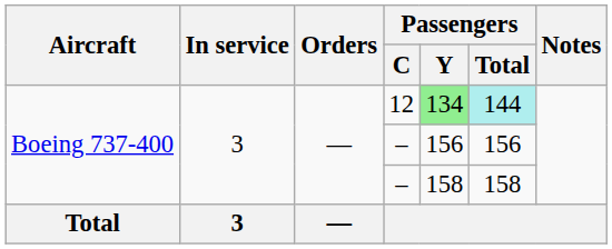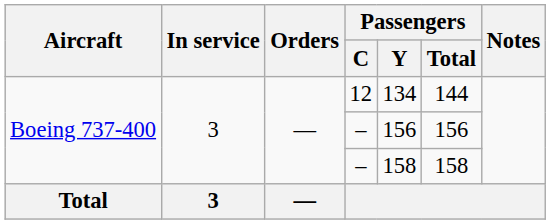 <table class="wikitable" style="margin:0.5em auto; text-align:center">
 <tr>
 <th rowspan=2>Aircraft</th>
 <th rowspan=2>In service</th>
 <th rowspan=2>Orders</th>
 <th colspan=3>Passengers</th>
 <th rowspan=2>Notes</th>
 </tr>
 <tr>
 <th><abbr>C</abbr></th>
 <th><abbr>Y</abbr></th>
 <th>Total</th>
 </tr>
 <tr>
 <td rowspan=3><a href='#'>Boeing 737-400</a></td>
 <td rowspan=3>3</td>
 <td rowspan=3>—</td>
 <td>12</td>
-<td style="background: lightgreen;">134</td>
-<td style="background: paleturquoise;">144</td>
+<td>134</td>
+<td>144</td>
 <td rowspan=3></td>
 </tr>
 <tr>
 <td>–</td>
 <td>156</td>
 <td>156</td>
 </tr>
 <tr>
 <td>–</td>
 <td>158</td>
 <td>158</td>
 </tr>
 <tr>
 <th>Total</th>
 <th>3</th>
 <th>—</th>
 <th colspan=4></th>
 </tr>
 </table>
